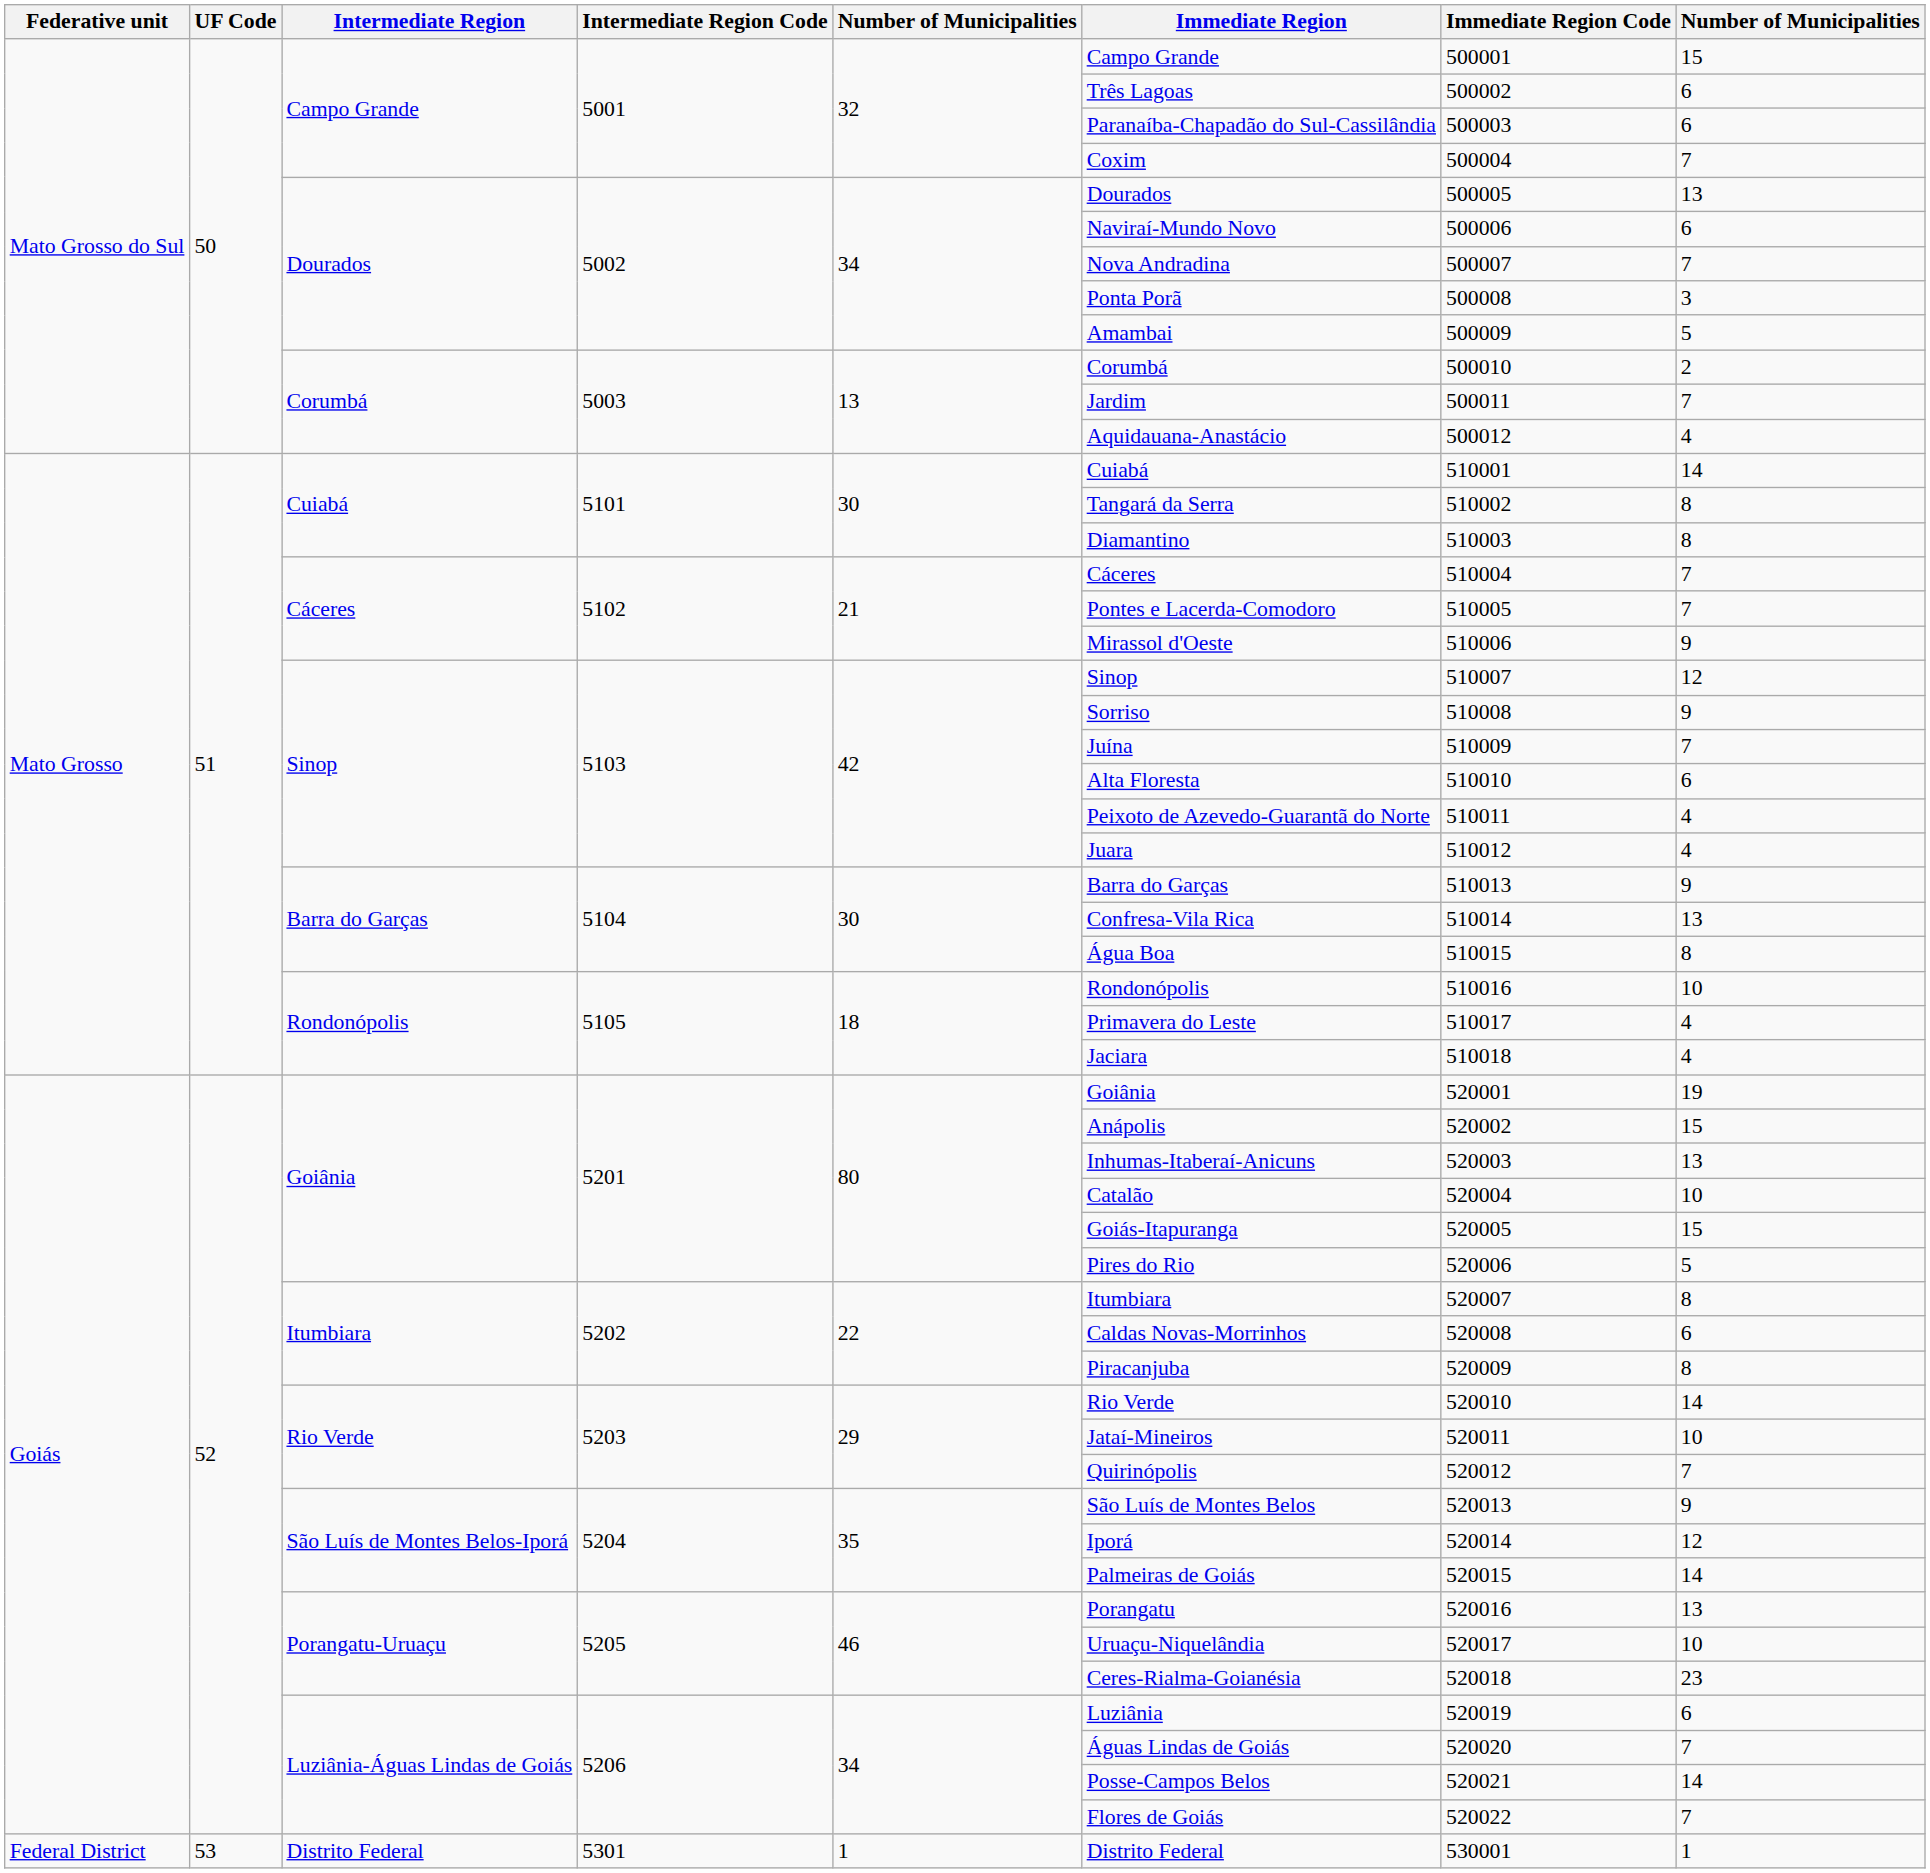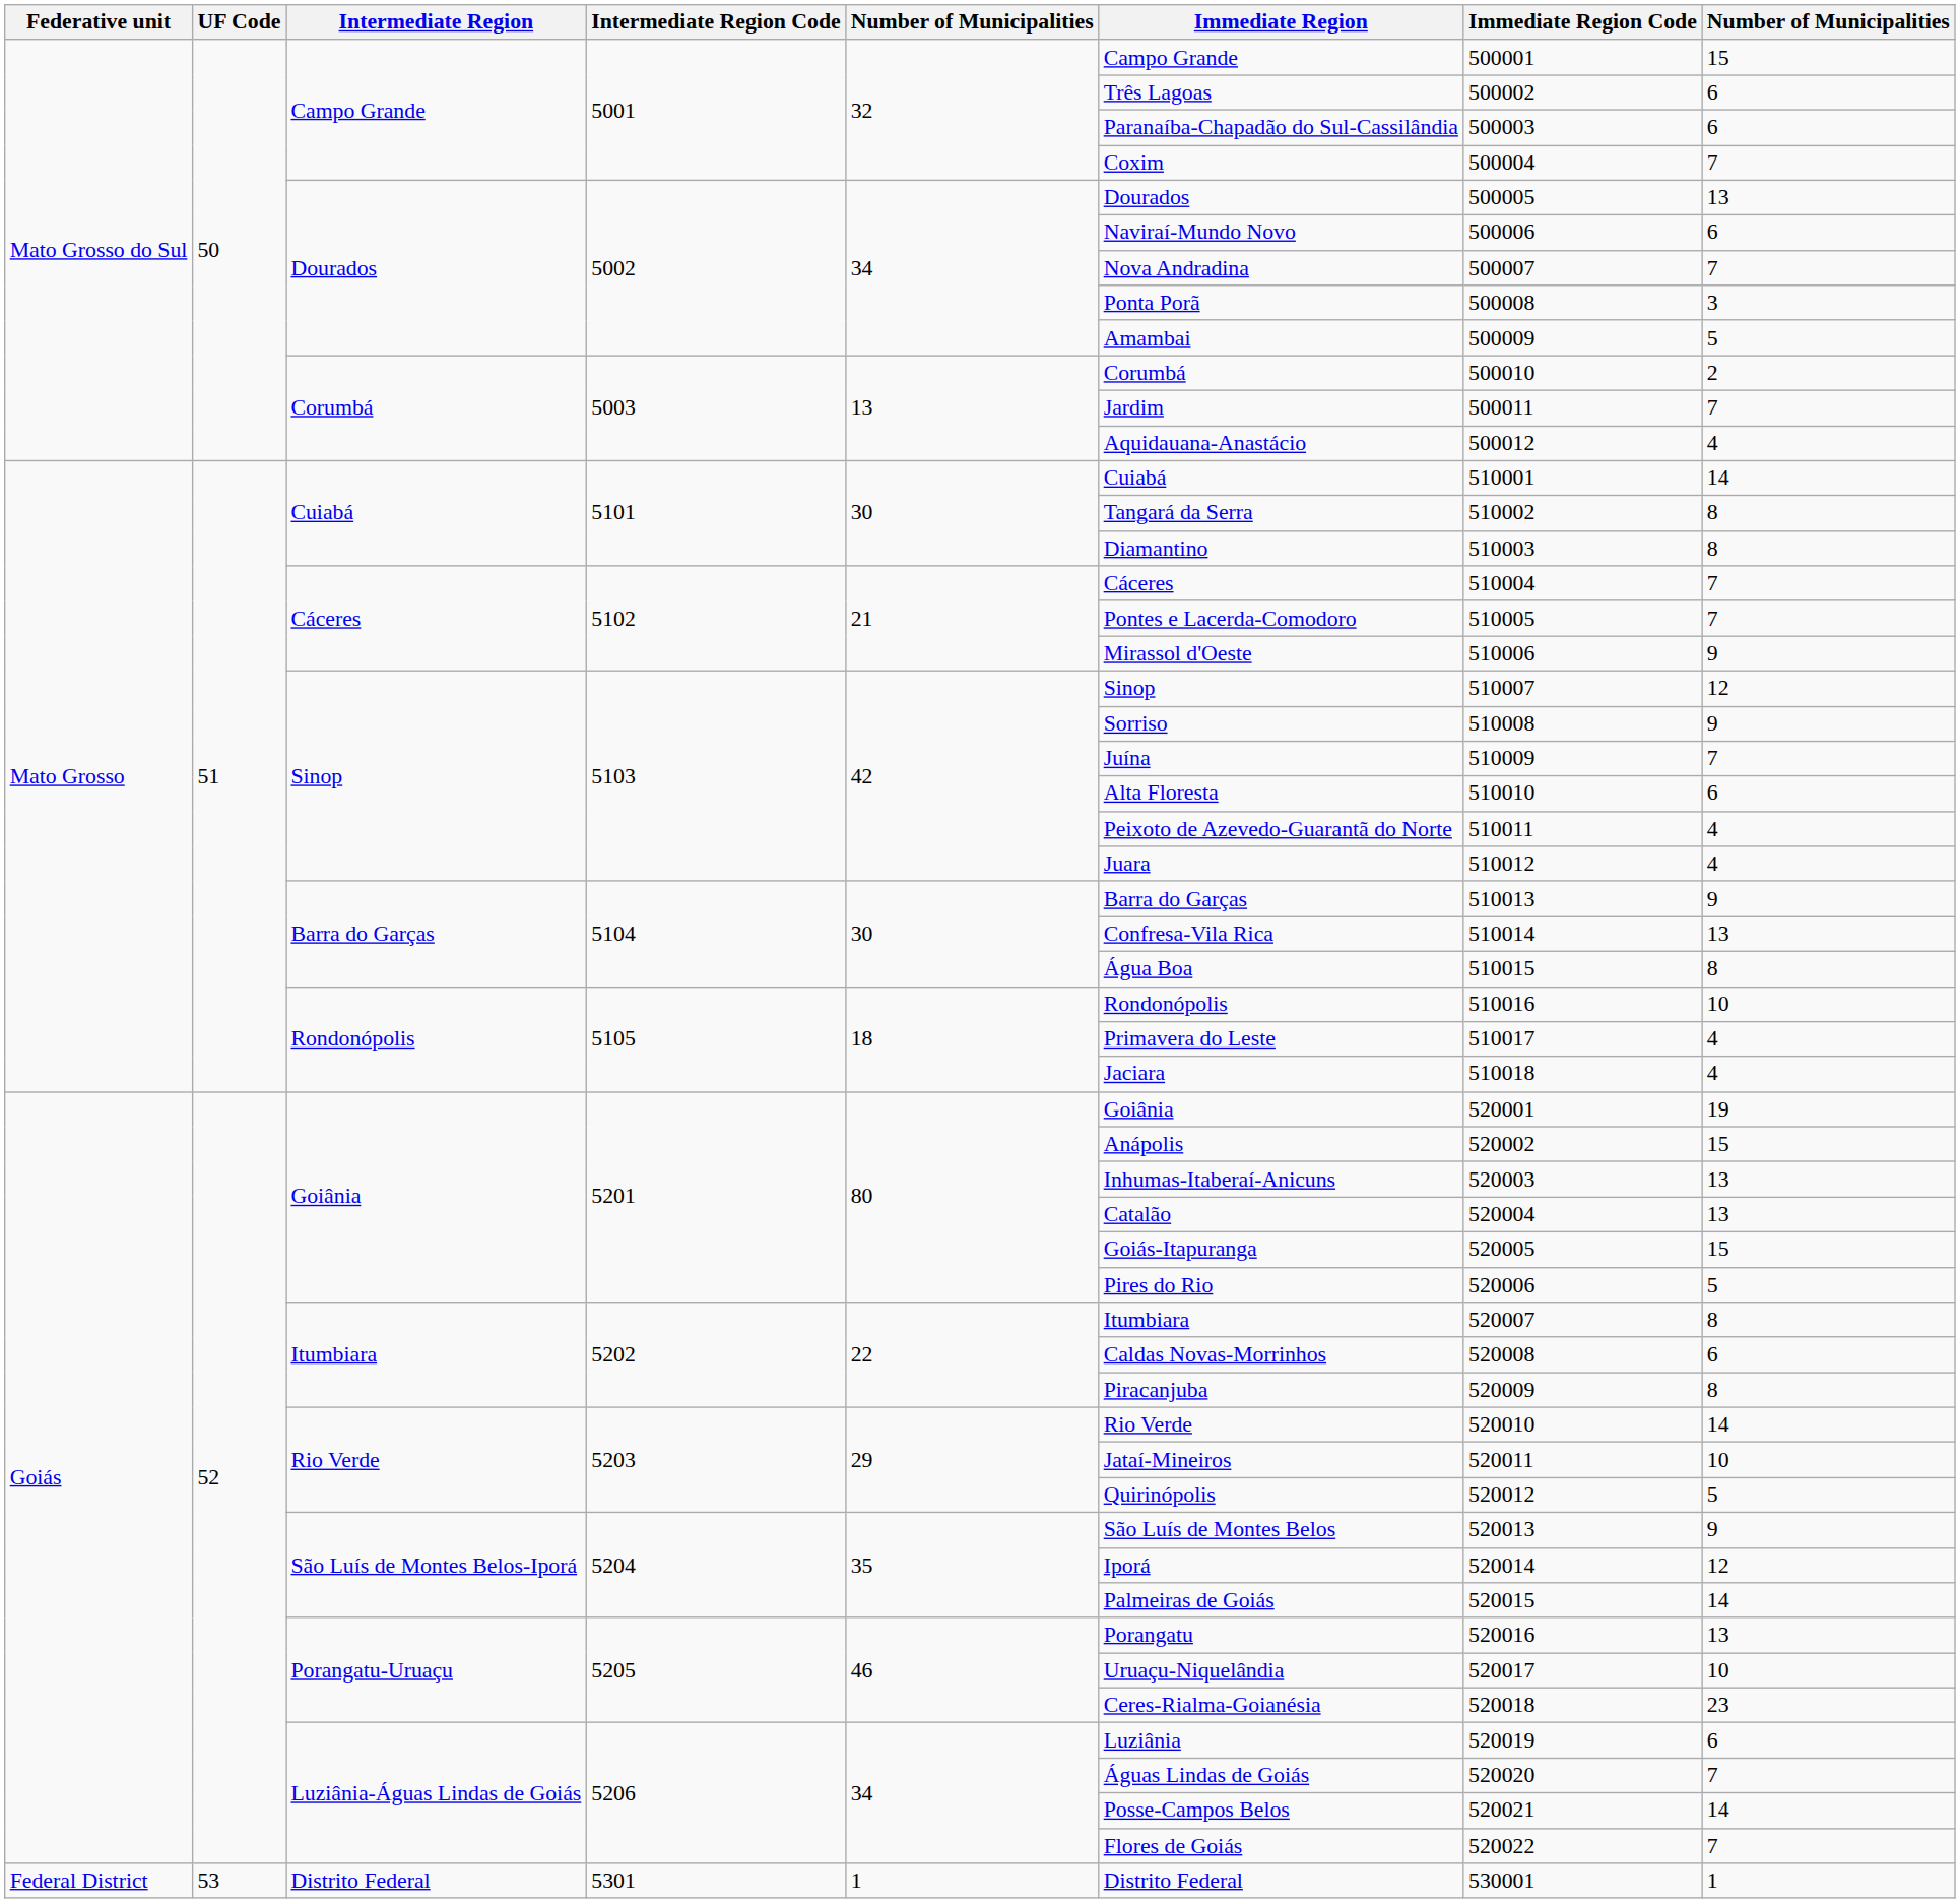 <table class="wikitable sortable">
 <tr>
 <th>Federative unit</th>
 <th>UF Code</th>
 <th><a href='#'>Intermediate Region</a></th>
 <th>Intermediate Region Code</th>
 <th>Number of Municipalities</th>
 <th><a href='#'>Immediate Region</a></th>
 <th>Immediate Region Code</th>
 <th>Number of Municipalities</th>
 </tr>
 <tr>
 <td rowspan="12"><a href='#'>Mato Grosso do Sul</a></td>
 <td rowspan="12">50</td>
 <td rowspan="4"><a href='#'>Campo Grande</a></td>
 <td rowspan="4">5001</td>
 <td rowspan="4">32</td>
 <td><a href='#'>Campo Grande</a></td>
 <td>500001</td>
 <td>15</td>
 </tr>
 <tr>
 <td><a href='#'>Três Lagoas</a></td>
 <td>500002</td>
 <td>6</td>
 </tr>
 <tr>
 <td><a href='#'>Paranaíba-Chapadão do Sul-Cassilândia</a></td>
 <td>500003</td>
 <td>6</td>
 </tr>
 <tr>
 <td><a href='#'>Coxim</a></td>
 <td>500004</td>
 <td>7</td>
 </tr>
 <tr>
 <td rowspan="5"><a href='#'>Dourados</a></td>
 <td rowspan="5">5002</td>
 <td rowspan="5">34</td>
 <td><a href='#'>Dourados</a></td>
 <td>500005</td>
 <td>13</td>
 </tr>
 <tr>
 <td><a href='#'>Naviraí-Mundo Novo</a></td>
 <td>500006</td>
 <td>6</td>
 </tr>
 <tr>
 <td><a href='#'>Nova Andradina</a></td>
 <td>500007</td>
 <td>7</td>
 </tr>
 <tr>
 <td><a href='#'>Ponta Porã</a></td>
 <td>500008</td>
 <td>3</td>
 </tr>
 <tr>
 <td><a href='#'>Amambai</a></td>
 <td>500009</td>
 <td>5</td>
 </tr>
 <tr>
 <td rowspan="3"><a href='#'>Corumbá</a></td>
 <td rowspan="3">5003</td>
 <td rowspan="3">13</td>
 <td><a href='#'>Corumbá</a></td>
 <td>500010</td>
 <td>2</td>
 </tr>
 <tr>
 <td><a href='#'>Jardim</a></td>
 <td>500011</td>
 <td>7</td>
 </tr>
 <tr>
 <td><a href='#'>Aquidauana-Anastácio</a></td>
 <td>500012</td>
 <td>4</td>
 </tr>
 <tr>
 <td rowspan="18"><a href='#'>Mato Grosso</a></td>
 <td rowspan="18">51</td>
 <td rowspan="3"><a href='#'>Cuiabá</a></td>
 <td rowspan="3">5101</td>
 <td rowspan="3">30</td>
 <td><a href='#'>Cuiabá</a></td>
 <td>510001</td>
 <td>14</td>
 </tr>
 <tr>
 <td><a href='#'>Tangará da Serra</a></td>
 <td>510002</td>
 <td>8</td>
 </tr>
 <tr>
 <td><a href='#'>Diamantino</a></td>
 <td>510003</td>
 <td>8</td>
 </tr>
 <tr>
 <td rowspan="3"><a href='#'>Cáceres</a></td>
 <td rowspan="3">5102</td>
 <td rowspan="3">21</td>
 <td><a href='#'>Cáceres</a></td>
 <td>510004</td>
 <td>7</td>
 </tr>
 <tr>
 <td><a href='#'>Pontes e Lacerda-Comodoro</a></td>
 <td>510005</td>
 <td>7</td>
 </tr>
 <tr>
 <td><a href='#'>Mirassol d'Oeste</a></td>
 <td>510006</td>
 <td>9</td>
 </tr>
 <tr>
 <td rowspan="6"><a href='#'>Sinop</a></td>
 <td rowspan="6">5103</td>
 <td rowspan="6">42</td>
 <td><a href='#'>Sinop</a></td>
 <td>510007</td>
 <td>12</td>
 </tr>
 <tr>
 <td><a href='#'>Sorriso</a></td>
 <td>510008</td>
 <td>9</td>
 </tr>
 <tr>
 <td><a href='#'>Juína</a></td>
 <td>510009</td>
 <td>7</td>
 </tr>
 <tr>
 <td><a href='#'>Alta Floresta</a></td>
 <td>510010</td>
 <td>6</td>
 </tr>
 <tr>
 <td><a href='#'>Peixoto de Azevedo-Guarantã do Norte</a></td>
 <td>510011</td>
 <td>4</td>
 </tr>
 <tr>
 <td><a href='#'>Juara</a></td>
 <td>510012</td>
 <td>4</td>
 </tr>
 <tr>
 <td rowspan="3"><a href='#'>Barra do Garças</a></td>
 <td rowspan="3">5104</td>
 <td rowspan="3">30</td>
 <td><a href='#'>Barra do Garças</a></td>
 <td>510013</td>
 <td>9</td>
 </tr>
 <tr>
 <td><a href='#'>Confresa-Vila Rica</a></td>
 <td>510014</td>
 <td>13</td>
 </tr>
 <tr>
 <td><a href='#'>Água Boa</a></td>
 <td>510015</td>
 <td>8</td>
 </tr>
 <tr>
 <td rowspan="3"><a href='#'>Rondonópolis</a></td>
 <td rowspan="3">5105</td>
 <td rowspan="3">18</td>
 <td><a href='#'>Rondonópolis</a></td>
 <td>510016</td>
 <td>10</td>
 </tr>
 <tr>
 <td><a href='#'>Primavera do Leste</a></td>
 <td>510017</td>
 <td>4</td>
 </tr>
 <tr>
 <td><a href='#'>Jaciara</a></td>
 <td>510018</td>
 <td>4</td>
 </tr>
 <tr>
 <td rowspan="22"><a href='#'>Goiás</a></td>
 <td rowspan="22">52</td>
 <td rowspan="6"><a href='#'>Goiânia</a></td>
 <td rowspan="6">5201</td>
 <td rowspan="6">80</td>
 <td><a href='#'>Goiânia</a></td>
 <td>520001</td>
 <td>19</td>
 </tr>
 <tr>
 <td><a href='#'>Anápolis</a></td>
 <td>520002</td>
 <td>15</td>
 </tr>
 <tr>
 <td><a href='#'>Inhumas-Itaberaí-Anicuns</a></td>
 <td>520003</td>
 <td>13</td>
 </tr>
 <tr>
 <td><a href='#'>Catalão</a></td>
 <td>520004</td>
-<td>10</td>
+<td>13</td>
 </tr>
 <tr>
 <td><a href='#'>Goiás-Itapuranga</a></td>
 <td>520005</td>
 <td>15</td>
 </tr>
 <tr>
 <td><a href='#'>Pires do Rio</a></td>
 <td>520006</td>
 <td>5</td>
 </tr>
 <tr>
 <td rowspan="3"><a href='#'>Itumbiara</a></td>
 <td rowspan="3">5202</td>
 <td rowspan="3">22</td>
 <td><a href='#'>Itumbiara</a></td>
 <td>520007</td>
 <td>8</td>
 </tr>
 <tr>
 <td><a href='#'>Caldas Novas-Morrinhos</a></td>
 <td>520008</td>
 <td>6</td>
 </tr>
 <tr>
 <td><a href='#'>Piracanjuba</a></td>
 <td>520009</td>
 <td>8</td>
 </tr>
 <tr>
 <td rowspan="3"><a href='#'>Rio Verde</a></td>
 <td rowspan="3">5203</td>
 <td rowspan="3">29</td>
 <td><a href='#'>Rio Verde</a></td>
 <td>520010</td>
 <td>14</td>
 </tr>
 <tr>
 <td><a href='#'>Jataí-Mineiros</a></td>
 <td>520011</td>
 <td>10</td>
 </tr>
 <tr>
 <td><a href='#'>Quirinópolis</a></td>
 <td>520012</td>
-<td>7</td>
+<td>5</td>
 </tr>
 <tr>
 <td rowspan="3"><a href='#'>São Luís de Montes Belos-Iporá</a></td>
 <td rowspan="3">5204</td>
 <td rowspan="3">35</td>
 <td><a href='#'>São Luís de Montes Belos</a></td>
 <td>520013</td>
 <td>9</td>
 </tr>
 <tr>
 <td><a href='#'>Iporá</a></td>
 <td>520014</td>
 <td>12</td>
 </tr>
 <tr>
 <td><a href='#'>Palmeiras de Goiás</a></td>
 <td>520015</td>
 <td>14</td>
 </tr>
 <tr>
 <td rowspan="3"><a href='#'>Porangatu-Uruaçu</a></td>
 <td rowspan="3">5205</td>
 <td rowspan="3">46</td>
 <td><a href='#'>Porangatu</a></td>
 <td>520016</td>
 <td>13</td>
 </tr>
 <tr>
 <td><a href='#'>Uruaçu-Niquelândia</a></td>
 <td>520017</td>
 <td>10</td>
 </tr>
 <tr>
 <td><a href='#'>Ceres-Rialma-Goianésia</a></td>
 <td>520018</td>
 <td>23</td>
 </tr>
 <tr>
 <td rowspan="4"><a href='#'>Luziânia-Águas Lindas de Goiás</a></td>
 <td rowspan="4">5206</td>
 <td rowspan="4">34</td>
 <td><a href='#'>Luziânia</a></td>
 <td>520019</td>
 <td>6</td>
 </tr>
 <tr>
 <td><a href='#'>Águas Lindas de Goiás</a></td>
 <td>520020</td>
 <td>7</td>
 </tr>
 <tr>
 <td><a href='#'>Posse-Campos Belos</a></td>
 <td>520021</td>
 <td>14</td>
 </tr>
 <tr>
 <td><a href='#'>Flores de Goiás</a></td>
 <td>520022</td>
 <td>7</td>
 </tr>
 <tr>
 <td><a href='#'>Federal District</a></td>
 <td>53</td>
 <td><a href='#'>Distrito Federal</a></td>
 <td>5301</td>
 <td>1</td>
 <td><a href='#'>Distrito Federal</a></td>
 <td>530001</td>
 <td>1</td>
 </tr>
 </table>
